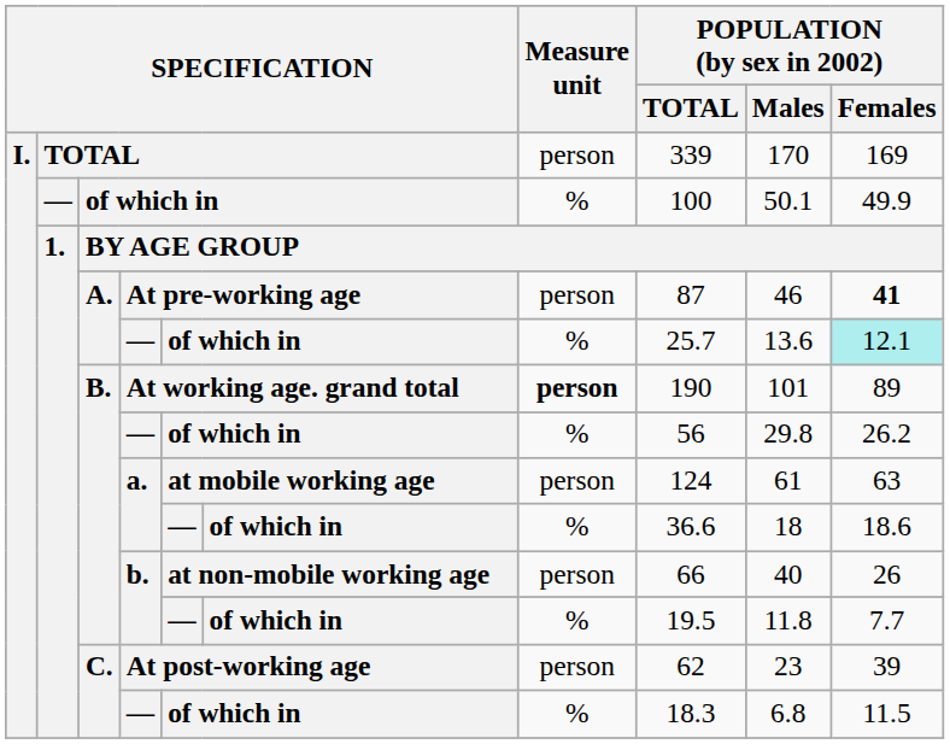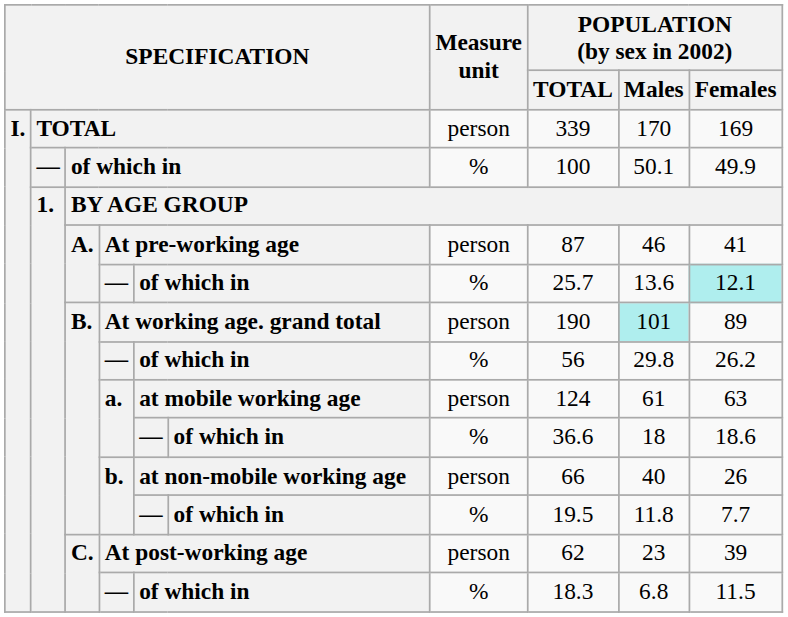 <table class="wikitable" style="font-size:85%; text-align:center">
 <tr>
 <th rowspan="2" colspan="6">SPECIFICATION</th>
 <th rowspan="2">Measure<br> unit</th>
 <th colspan="3" rowspan="1">POPULATION<br> (by sex in 2002)</th>
 </tr>
 <tr>
 <th>TOTAL</th>
 <th>Males</th>
 <th>Females</th>
 </tr>
 <tr>
 <th style="text-align:left" valign="top" rowspan="13">I.</th>
 <th style="text-align:left" colspan="5">TOTAL</th>
 <td>person</td>
 <td>339</td>
 <td>170</td>
 <td>169</td>
 </tr>
 <tr>
 <th style="text-align:left" valign="top">—</th>
 <th style="text-align:left" colspan="4">of which in</th>
 <td>%</td>
 <td>100</td>
 <td>50.1</td>
 <td>49.9</td>
 </tr>
 <tr>
 <th style="text-align:left" valign="top" rowspan="11">1.</th>
 <th style="text-align:left" colspan="19">BY AGE GROUP</th>
 </tr>
 <tr>
 <th style="text-align:left" valign="top" rowspan="2">A.</th>
 <th style="text-align:left" colspan="3">At pre-working age</th>
 <td>person</td>
 <td>87</td>
 <td>46</td>
-<td><strong>41</strong></td>
+<td>41</td>
 </tr>
 <tr>
 <th style="text-align:left" valign="top">—</th>
 <th style="text-align:left" valign="top" colspan="2">of which in</th>
 <td>%</td>
 <td>25.7</td>
 <td>13.6</td>
 <td style="background: paleturquoise;">12.1</td>
 </tr>
 <tr>
 <th style="text-align:left" valign="top" rowspan="6">B.</th>
 <th style="text-align:left" colspan="3">At working age. grand total</th>
-<td><strong>person</strong></td>
+<td>person</td>
 <td>190</td>
-<td>101</td>
+<td style="background: paleturquoise;">101</td>
 <td>89</td>
 </tr>
 <tr>
 <th style="text-align:left" valign="top">—</th>
 <th style="text-align:left" valign="top" colspan="2">of which in</th>
 <td>%</td>
 <td>56</td>
 <td>29.8</td>
 <td>26.2</td>
 </tr>
 <tr>
 <th style="text-align:left" valign="top" rowspan="2">a.</th>
 <th style="text-align:left" colspan="2">at mobile working age</th>
 <td>person</td>
 <td>124</td>
 <td>61</td>
 <td>63</td>
 </tr>
 <tr>
 <th style="text-align:left" valign="top">—</th>
 <th style="text-align:left" valign="top" colspan="1">of which in                        </th>
 <td>%</td>
 <td>36.6</td>
 <td>18</td>
 <td>18.6</td>
 </tr>
 <tr>
 <th style="text-align:left" valign="top" rowspan="2">b.</th>
 <th style="text-align:left" colspan="2">at non-mobile working age</th>
 <td>person</td>
 <td>66</td>
 <td>40</td>
 <td>26</td>
 </tr>
 <tr>
 <th style="text-align:left" valign="top">—</th>
 <th style="text-align:left" valign="top" colspan="1">of which in                        </th>
 <td>%</td>
 <td>19.5</td>
 <td>11.8</td>
 <td>7.7</td>
 </tr>
 <tr>
 <th style="text-align:left" valign="top" rowspan="2">C.</th>
 <th style="text-align:left" colspan="3">At post-working age</th>
 <td>person</td>
 <td>62</td>
 <td>23</td>
 <td>39</td>
 </tr>
 <tr>
 <th style="text-align:left" valign="top">—</th>
 <th style="text-align:left" valign="top" colspan="2">of which in</th>
 <td>%</td>
 <td>18.3</td>
 <td>6.8</td>
 <td>11.5</td>
 </tr>
 </table>
